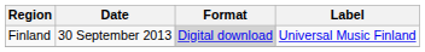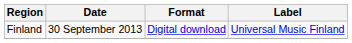 <table class=wikitable>
 <tr>
 <th>Region</th>
 <th>Date</th>
 <th>Format</th>
 <th>Label</th>
 </tr>
 <tr>
 <td>Finland</td>
 <td>30 September 2013</td>
-<td style="background: lightgrey;"><a href='#'>Digital download</a></td>
+<td><a href='#'>Digital download</a></td>
 <td><a href='#'>Universal Music Finland</a></td>
 </tr>
 <tr>
 </tr>
 </table>
